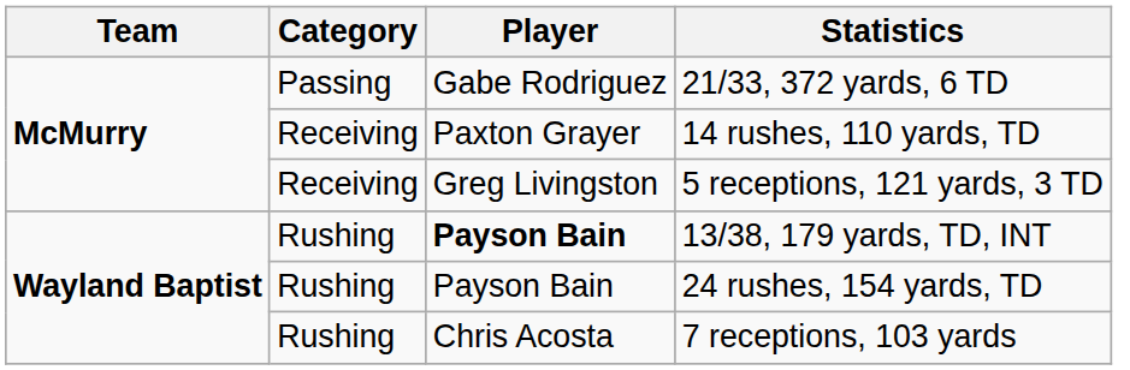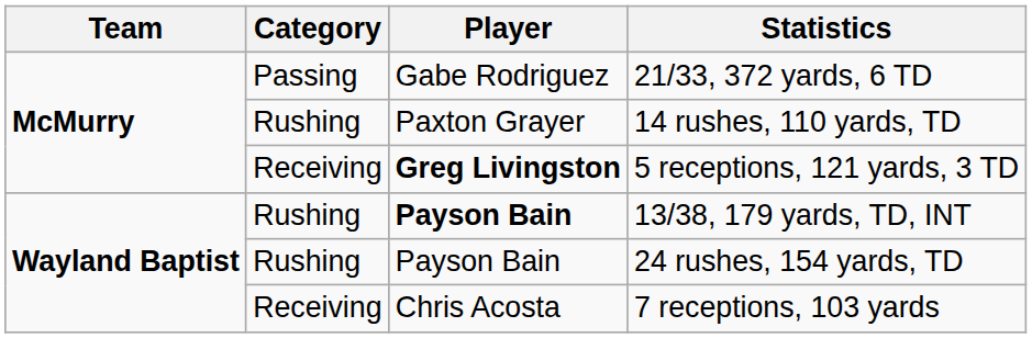 <table class="wikitable" style="float: left;">
 <tr>
 <th>Team</th>
 <th>Category</th>
 <th>Player</th>
 <th>Statistics</th>
 </tr>
 <tr>
 <td rowspan=3><strong>McMurry</strong></td>
 <td>Passing</td>
 <td>Gabe Rodriguez</td>
 <td>21/33, 372 yards, 6 TD</td>
 </tr>
 <tr>
-<td>Receiving</td>
+<td>Rushing</td>
 <td>Paxton Grayer</td>
 <td>14 rushes, 110 yards, TD</td>
 </tr>
 <tr>
 <td>Receiving</td>
-<td>Greg Livingston</td>
+<td><strong>Greg Livingston</strong></td>
 <td>5 receptions, 121 yards, 3 TD</td>
 </tr>
 <tr>
 <td rowspan=3><strong>Wayland Baptist</strong></td>
 <td>Rushing</td>
 <td><strong>Payson Bain</strong></td>
 <td>13/38, 179 yards, TD, INT</td>
 </tr>
 <tr>
 <td>Rushing</td>
 <td>Payson Bain</td>
 <td>24 rushes, 154 yards, TD</td>
 </tr>
 <tr>
-<td>Rushing</td>
+<td>Receiving</td>
 <td>Chris Acosta</td>
 <td>7 receptions, 103 yards</td>
 </tr>
 </table>
